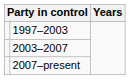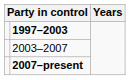 <table class="wikitable">
 <tr>
 <th colspan="2">Party in control</th>
 <th>Years</th>
 </tr>
 <tr>
 <td></td>
-<td>1997–2003</td>
+<td><strong>1997–2003</strong></td>
 </tr>
 <tr>
 <td></td>
 <td>2003–2007</td>
 </tr>
 <tr>
 <td></td>
-<td>2007–present</td>
+<td><strong>2007–present</strong></td>
 </tr>
 </table>
